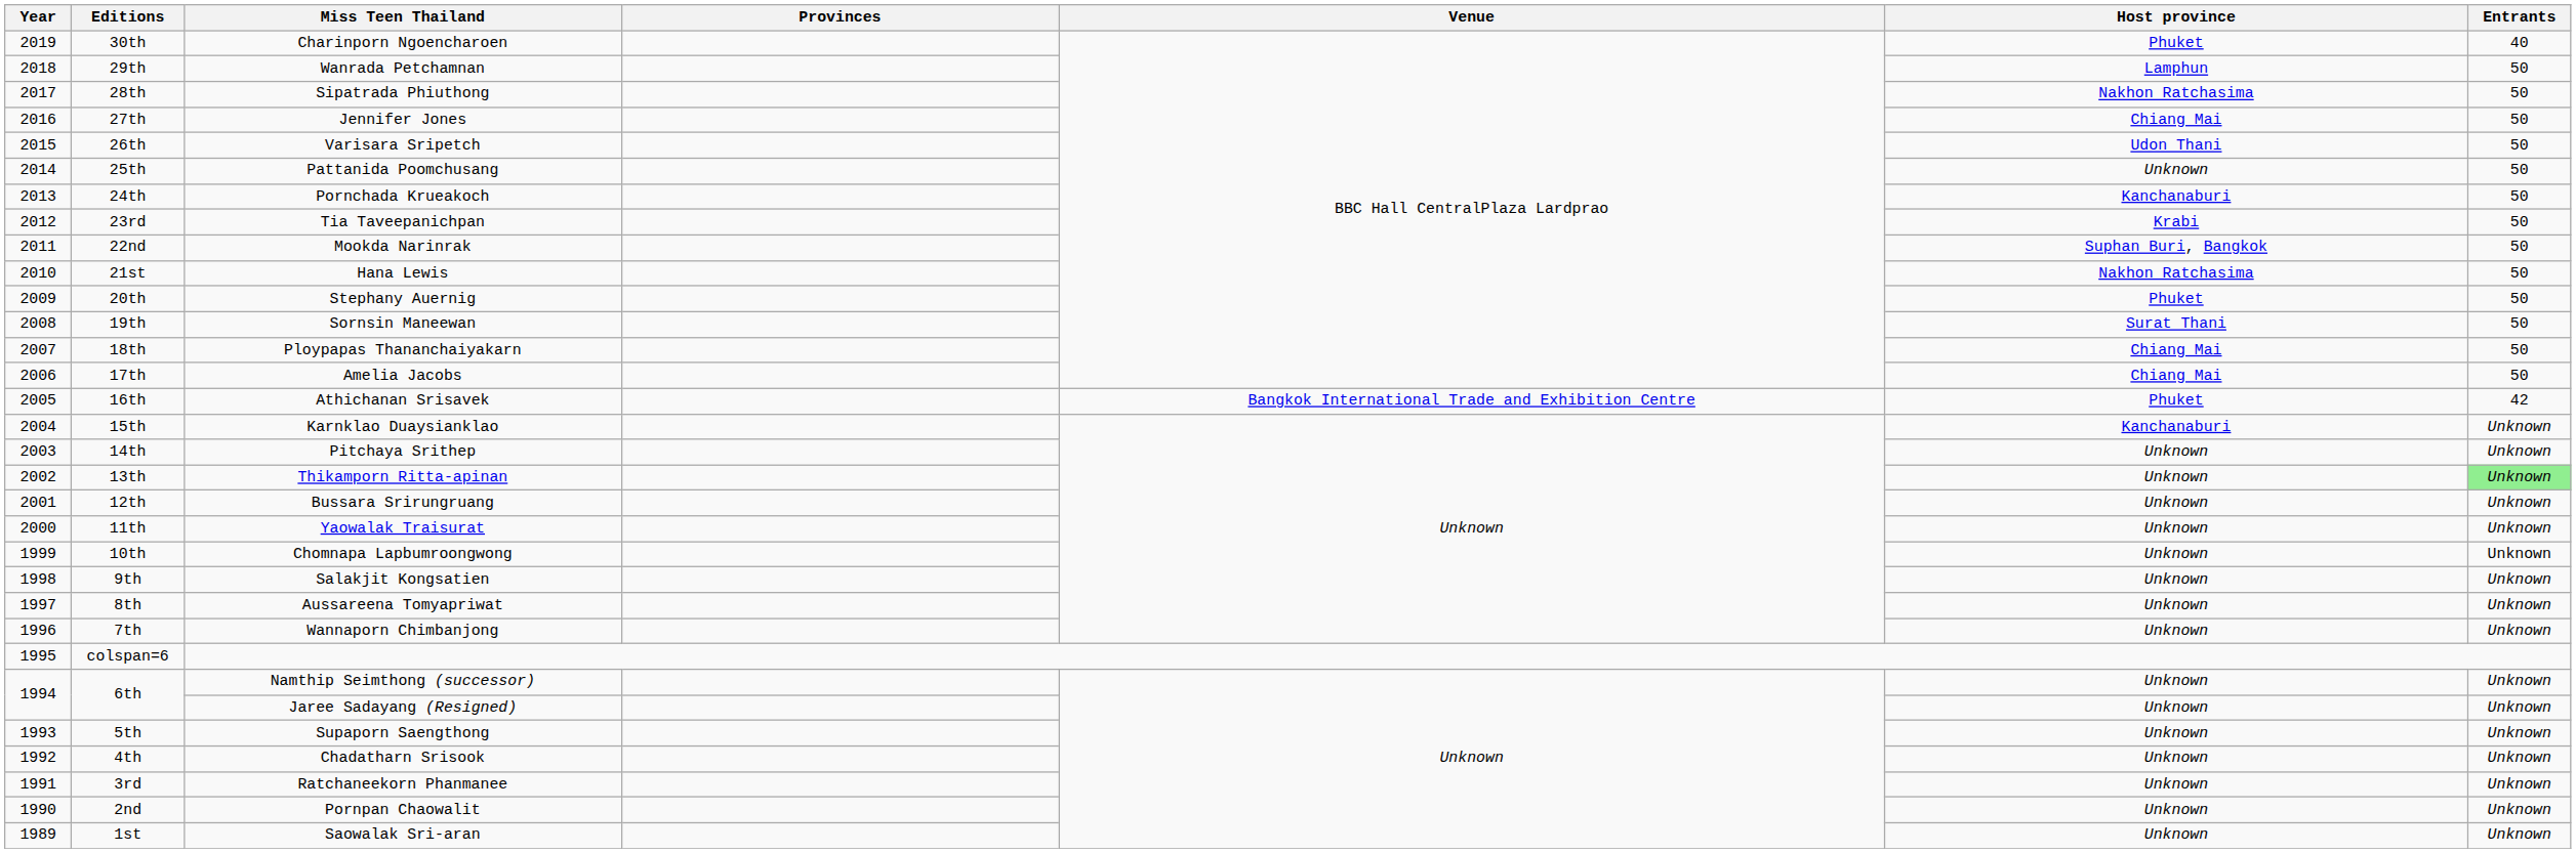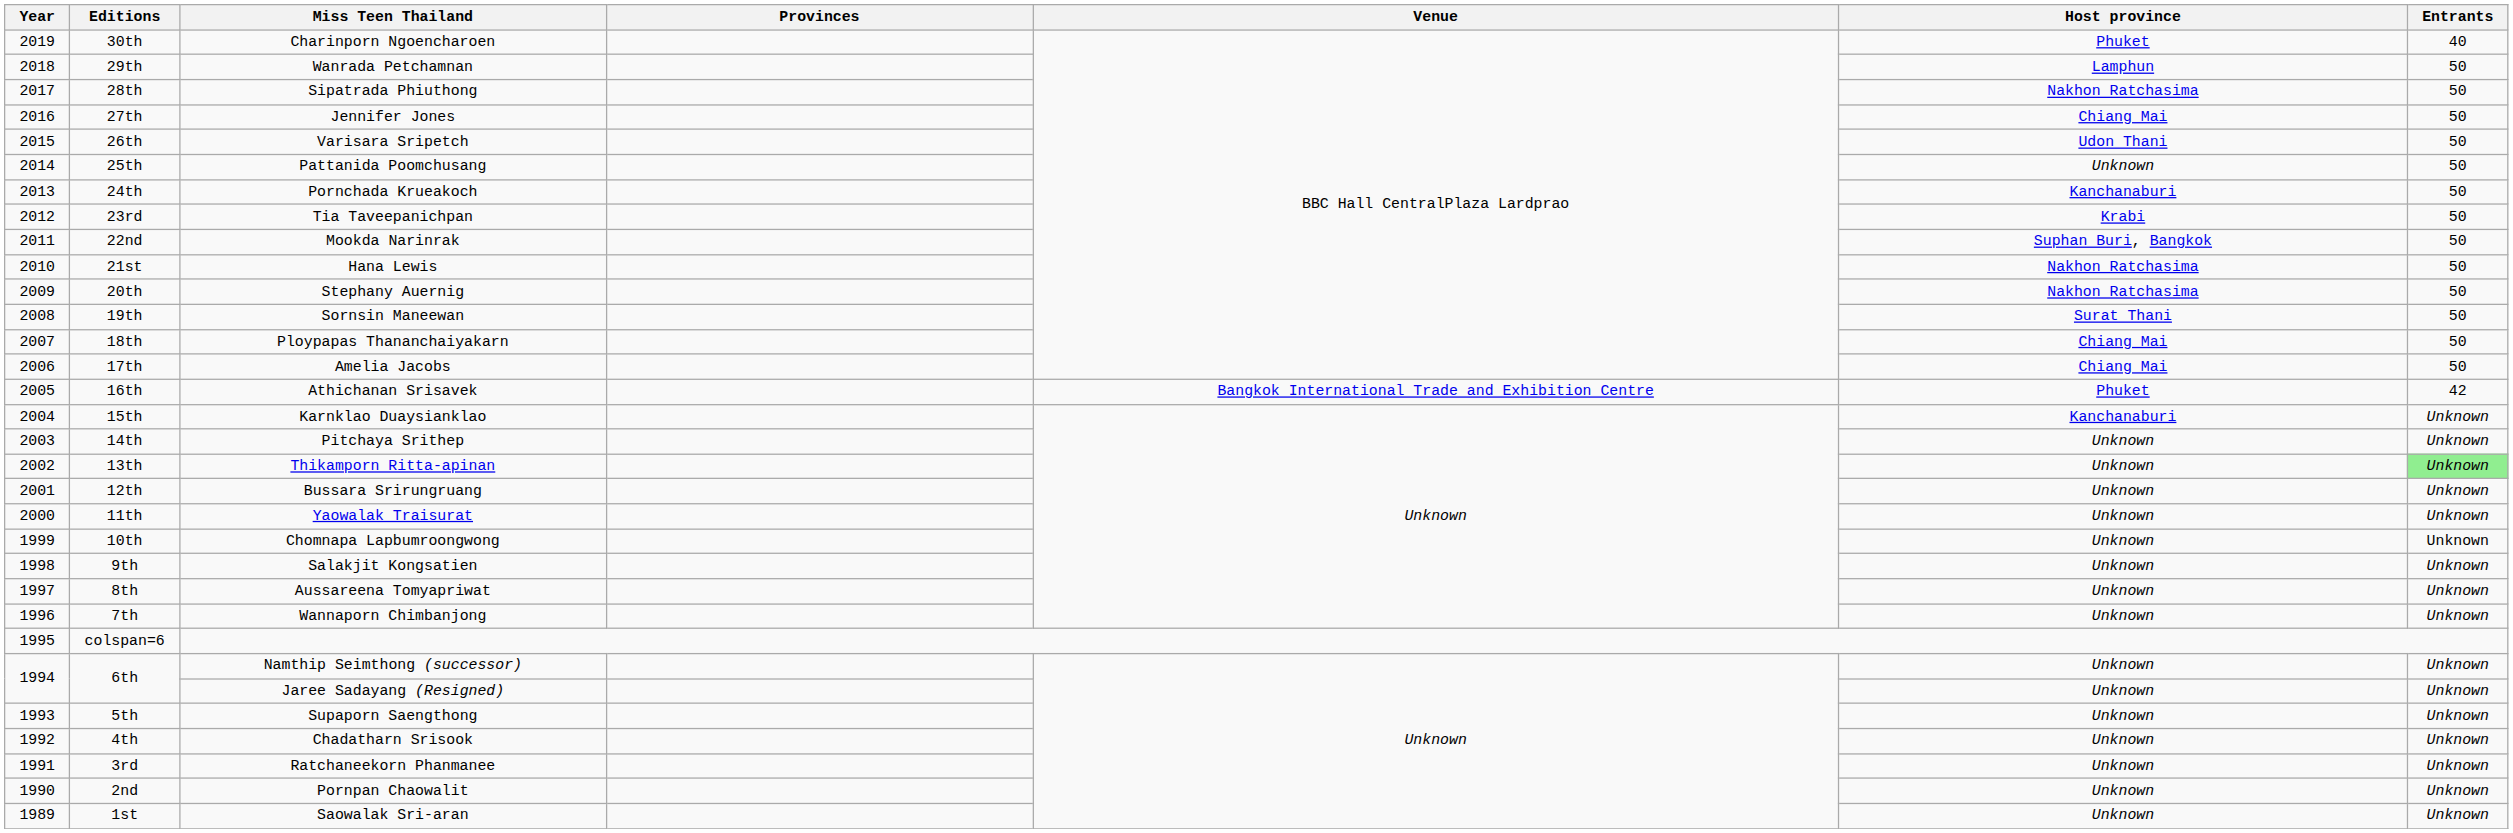 <table class="wikitable" style="font-size: 90%; text-align:center">
 <tr>
 <th width="1%">Year</th>
 <th width="1%">Editions</th>
 <th width="9%">Miss Teen Thailand</th>
 <th width="9%">Provinces</th>
 <th width="17%">Venue</th>
 <th width="12%">Host province</th>
 <th width="1%">Entrants</th>
 </tr>
 <tr style="text-align:center;">
 <td>2019</td>
 <td style="text-align:center;">30th</td>
 <td>Charinporn Ngoencharoen</td>
 <td></td>
 <td rowspan="14">BBC Hall CentralPlaza Lardprao</td>
 <td><a href='#'>Phuket</a></td>
 <td>40</td>
 </tr>
 <tr style="text-align:center;">
 <td>2018</td>
 <td style="text-align:center;">29th</td>
 <td>Wanrada Petchamnan</td>
 <td></td>
 <td><a href='#'>Lamphun</a></td>
 <td>50</td>
 </tr>
 <tr style="text-align:center;">
 <td>2017</td>
 <td style="text-align:center;">28th</td>
 <td>Sipatrada Phiuthong</td>
 <td></td>
 <td><a href='#'>Nakhon Ratchasima</a></td>
 <td>50</td>
 </tr>
 <tr style="text-align:center;">
 <td>2016</td>
 <td style="text-align:center;">27th</td>
 <td>Jennifer Jones</td>
 <td></td>
 <td><a href='#'>Chiang Mai</a></td>
 <td>50</td>
 </tr>
 <tr style="text-align:center;">
 <td>2015</td>
 <td style="text-align:center;">26th</td>
 <td>Varisara Sripetch</td>
 <td></td>
 <td><a href='#'>Udon Thani</a></td>
 <td>50</td>
 </tr>
 <tr style="text-align:center;">
 <td>2014</td>
 <td style="text-align:center;">25th</td>
 <td>Pattanida Poomchusang</td>
 <td></td>
 <td><em> Unknown</em></td>
 <td>50</td>
 </tr>
 <tr style="text-align:center;">
 <td>2013</td>
 <td style="text-align:center;">24th</td>
 <td>Pornchada Krueakoch</td>
 <td></td>
 <td><a href='#'>Kanchanaburi</a></td>
 <td>50</td>
 </tr>
 <tr style="text-align:center;">
 <td>2012</td>
 <td style="text-align:center;">23rd</td>
 <td>Tia Taveepanichpan</td>
 <td></td>
 <td><a href='#'>Krabi</a></td>
 <td>50</td>
 </tr>
 <tr style="text-align:center;">
 <td>2011</td>
 <td style="text-align:center;">22nd</td>
 <td>Mookda Narinrak</td>
 <td></td>
 <td><a href='#'>Suphan Buri</a>, <a href='#'>Bangkok</a></td>
 <td>50</td>
 </tr>
 <tr style="text-align:center;">
 <td>2010</td>
 <td style="text-align:center;">21st</td>
 <td>Hana Lewis</td>
 <td></td>
 <td><a href='#'>Nakhon Ratchasima</a></td>
 <td>50</td>
 </tr>
 <tr style="text-align:center;">
 <td>2009</td>
 <td style="text-align:center;">20th</td>
 <td>Stephany Auernig</td>
 <td></td>
-<td><a href='#'>Phuket</a></td>
+<td><a href='#'>Nakhon Ratchasima</a></td>
 <td>50</td>
 </tr>
 <tr style="text-align:center;">
 <td>2008</td>
 <td style="text-align:center;">19th</td>
 <td>Sornsin Maneewan</td>
 <td></td>
 <td><a href='#'>Surat Thani</a></td>
 <td>50</td>
 </tr>
 <tr style="text-align:center;">
 <td>2007</td>
 <td style="text-align:center;">18th</td>
 <td>Ploypapas Thananchaiyakarn</td>
 <td></td>
 <td><a href='#'>Chiang Mai</a></td>
 <td>50</td>
 </tr>
 <tr style="text-align:center;">
 <td>2006</td>
 <td style="text-align:center;">17th</td>
 <td>Amelia Jacobs</td>
 <td></td>
 <td><a href='#'>Chiang Mai</a></td>
 <td>50</td>
 </tr>
 <tr style="text-align:center;">
 <td>2005</td>
 <td style="text-align:center;">16th</td>
 <td>Athichanan Srisavek</td>
 <td></td>
 <td><a href='#'>Bangkok International Trade and Exhibition Centre</a></td>
 <td><a href='#'>Phuket</a></td>
 <td>42</td>
 </tr>
 <tr style="text-align:center;">
 <td>2004</td>
 <td style="text-align:center;">15th</td>
 <td>Karnklao Duaysianklao</td>
 <td></td>
 <td rowspan="9"><em>Unknown</em></td>
 <td><a href='#'>Kanchanaburi</a></td>
 <td><em>Unknown</em></td>
 </tr>
 <tr style="text-align:center;">
 <td>2003</td>
 <td style="text-align:center;">14th</td>
 <td>Pitchaya Srithep</td>
 <td></td>
 <td><em> Unknown</em></td>
 <td><em>Unknown</em></td>
 </tr>
 <tr style="text-align:center;">
 <td>2002</td>
 <td style="text-align:center;">13th</td>
 <td><a href='#'>Thikamporn Ritta-apinan</a></td>
 <td></td>
 <td><em> Unknown</em></td>
 <td style="background: lightgreen;"><em>Unknown</em></td>
 </tr>
 <tr style="text-align:center;">
 <td>2001</td>
 <td style="text-align:center;">12th</td>
 <td>Bussara Srirungruang</td>
 <td></td>
 <td><em> Unknown</em></td>
 <td><em>Unknown</em></td>
 </tr>
 <tr style="text-align:center;">
 <td>2000</td>
 <td style="text-align:center;">11th</td>
 <td><a href='#'>Yaowalak Traisurat</a></td>
 <td></td>
 <td><em> Unknown</em></td>
 <td><em>Unknown</em></td>
 </tr>
 <tr style="text-align:center;">
 <td>1999</td>
 <td style="text-align:center;">10th</td>
 <td>Chomnapa Lapbumroongwong</td>
 <td></td>
 <td><em> Unknown</em></td>
 <td>Unknown</td>
 </tr>
 <tr style="text-align:center;">
 <td>1998</td>
 <td style="text-align:center;">9th</td>
 <td>Salakjit Kongsatien</td>
 <td></td>
 <td><em> Unknown</em></td>
 <td><em>Unknown</em></td>
 </tr>
 <tr style="text-align:center;">
 <td>1997</td>
 <td style="text-align:center;">8th</td>
 <td>Aussareena Tomyapriwat</td>
 <td></td>
 <td><em> Unknown</em></td>
 <td><em>Unknown</em></td>
 </tr>
 <tr style="text-align:center;">
 <td>1996</td>
 <td style="text-align:center;">7th</td>
 <td>Wannaporn Chimbanjong</td>
 <td></td>
 <td><em> Unknown</em></td>
 <td><em>Unknown</em></td>
 </tr>
 <tr style="text-align:center;">
 <td>1995</td>
 <td>colspan=6 </td>
 </tr>
 <tr style="text-align:center;">
 <td rowspan=2 style="text-align:center;">1994</td>
 <td rowspan="2"  style="text-align:center;">6th</td>
 <td>Namthip Seimthong <em>(successor)</em></td>
 <td></td>
 <td rowspan="7"><em>Unknown</em></td>
 <td><em> Unknown</em></td>
 <td><em>Unknown</em></td>
 </tr>
 <tr style="text-align:center;">
 <td>Jaree Sadayang <em>(Resigned)</em></td>
 <td></td>
 <td><em> Unknown</em></td>
 <td><em>Unknown</em></td>
 </tr>
 <tr style="text-align:center;">
 <td>1993</td>
 <td style="text-align:center;">5th</td>
 <td>Supaporn Saengthong</td>
 <td></td>
 <td><em> Unknown</em></td>
 <td><em>Unknown</em></td>
 </tr>
 <tr style="text-align:center;">
 <td>1992</td>
 <td style="text-align:center;">4th</td>
 <td>Chadatharn Srisook</td>
 <td></td>
 <td><em> Unknown</em></td>
 <td><em>Unknown</em></td>
 </tr>
 <tr style="text-align:center;">
 <td>1991</td>
 <td style="text-align:center;">3rd</td>
 <td>Ratchaneekorn Phanmanee</td>
 <td></td>
 <td><em> Unknown</em></td>
 <td><em>Unknown</em></td>
 </tr>
 <tr style="text-align:center;">
 <td>1990</td>
 <td style="text-align:center;">2nd</td>
 <td>Pornpan Chaowalit</td>
 <td></td>
 <td><em> Unknown</em></td>
 <td><em>Unknown</em></td>
 </tr>
 <tr style="text-align:center;">
 <td>1989</td>
 <td style="text-align:center;">1st</td>
 <td>Saowalak Sri-aran</td>
 <td></td>
 <td><em> Unknown</em></td>
 <td><em>Unknown</em></td>
 </tr>
 </table>
